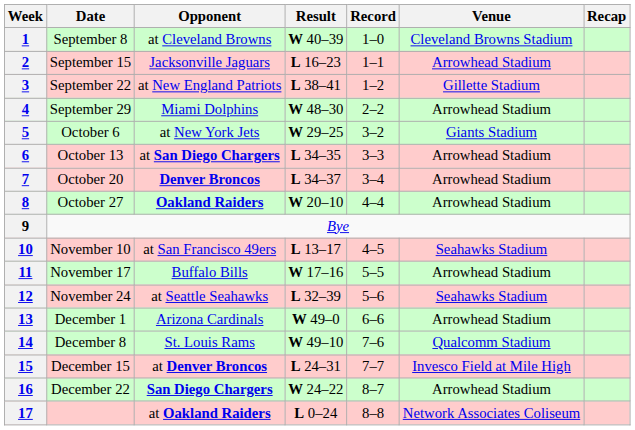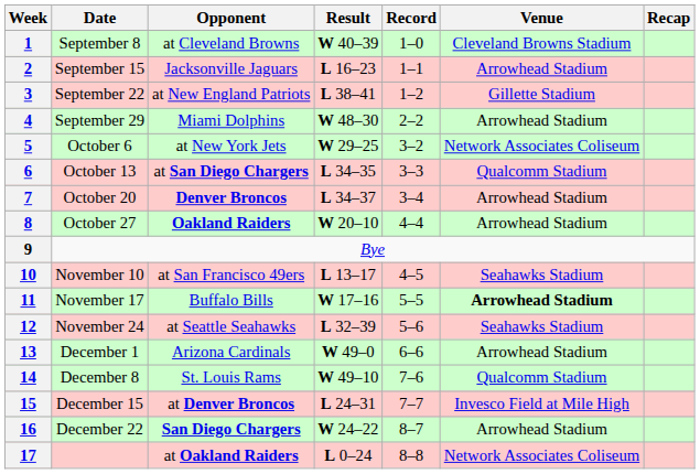 <table class="wikitable" style="text-align:center">
 <tr>
 <th>Week</th>
 <th>Date</th>
 <th>Opponent</th>
 <th>Result</th>
 <th>Record</th>
 <th>Venue</th>
 <th>Recap</th>
 </tr>
 <tr style="background:#cfc">
 <th><a href='#'>1</a></th>
 <td>September 8</td>
 <td>at <a href='#'>Cleveland Browns</a></td>
 <td><strong>W</strong> 40–39</td>
 <td>1–0</td>
 <td><a href='#'>Cleveland Browns Stadium</a></td>
 <td></td>
 </tr>
 <tr style="background:#fcc">
 <th><a href='#'>2</a></th>
 <td>September 15</td>
 <td><a href='#'>Jacksonville Jaguars</a></td>
 <td><strong>L</strong> 16–23</td>
 <td>1–1</td>
 <td><a href='#'>Arrowhead Stadium</a></td>
 <td></td>
 </tr>
 <tr style="background:#fcc">
 <th><a href='#'>3</a></th>
 <td>September 22</td>
 <td>at <a href='#'>New England Patriots</a></td>
 <td><strong>L</strong> 38–41 </td>
 <td>1–2</td>
 <td><a href='#'>Gillette Stadium</a></td>
 <td></td>
 </tr>
 <tr style="background:#cfc">
 <th><a href='#'>4</a></th>
 <td>September 29</td>
 <td><a href='#'>Miami Dolphins</a></td>
 <td><strong>W</strong> 48–30</td>
 <td>2–2</td>
 <td>Arrowhead Stadium</td>
 <td></td>
 </tr>
 <tr style="background:#cfc">
 <th><a href='#'>5</a></th>
 <td>October 6</td>
 <td>at <a href='#'>New York Jets</a></td>
 <td><strong>W</strong> 29–25</td>
 <td>3–2</td>
-<td><a href='#'>Giants Stadium</a></td>
+<td><a href='#'>Network Associates Coliseum</a></td>
 <td></td>
 </tr>
 <tr style="background:#fcc">
 <th><a href='#'>6</a></th>
 <td>October 13</td>
 <td>at <strong><a href='#'>San Diego Chargers</a></strong></td>
 <td><strong>L</strong> 34–35</td>
 <td>3–3</td>
-<td>Arrowhead Stadium</td>
+<td><a href='#'>Qualcomm Stadium</a></td>
 <td></td>
 </tr>
 <tr style="background:#fcc">
 <th><a href='#'>7</a></th>
 <td>October 20</td>
 <td><strong><a href='#'>Denver Broncos</a></strong></td>
 <td><strong>L</strong> 34–37 </td>
 <td>3–4</td>
 <td>Arrowhead Stadium</td>
 <td></td>
 </tr>
 <tr style="background:#cfc">
 <th><a href='#'>8</a></th>
 <td>October 27</td>
 <td><strong><a href='#'>Oakland Raiders</a></strong></td>
 <td><strong>W</strong> 20–10</td>
 <td>4–4</td>
 <td>Arrowhead Stadium</td>
 <td></td>
 </tr>
 <tr>
 <th>9</th>
 <td colspan="6"><em><a href='#'>Bye</a></em></td>
 </tr>
 <tr style="background:#fcc">
 <th><a href='#'>10</a></th>
 <td>November 10</td>
 <td>at <a href='#'>San Francisco 49ers</a></td>
 <td><strong>L</strong> 13–17</td>
 <td>4–5</td>
 <td><a href='#'>Seahawks Stadium</a></td>
 <td></td>
 </tr>
 <tr style="background:#cfc">
 <th><a href='#'>11</a></th>
 <td>November 17</td>
 <td><a href='#'>Buffalo Bills</a></td>
 <td><strong>W</strong> 17–16</td>
 <td>5–5</td>
-<td>Arrowhead Stadium</td>
+<td><strong>Arrowhead Stadium</strong></td>
 <td></td>
 </tr>
 <tr style="background:#fcc">
 <th><a href='#'>12</a></th>
 <td>November 24</td>
 <td>at <a href='#'>Seattle Seahawks</a></td>
 <td><strong>L</strong> 32–39</td>
 <td>5–6</td>
 <td><a href='#'>Seahawks Stadium</a></td>
 <td></td>
 </tr>
 <tr style="background:#cfc">
 <th><a href='#'>13</a></th>
 <td>December 1</td>
 <td><a href='#'>Arizona Cardinals</a></td>
 <td><strong>W</strong> 49–0</td>
 <td>6–6</td>
 <td>Arrowhead Stadium</td>
 <td></td>
 </tr>
 <tr style="background:#cfc">
 <th><a href='#'>14</a></th>
 <td>December 8</td>
 <td><a href='#'>St. Louis Rams</a></td>
 <td><strong>W</strong> 49–10</td>
 <td>7–6</td>
 <td><a href='#'>Qualcomm Stadium</a></td>
 <td></td>
 </tr>
 <tr style="background:#fcc">
 <th><a href='#'>15</a></th>
 <td>December 15</td>
 <td>at <strong><a href='#'>Denver Broncos</a></strong></td>
 <td><strong>L</strong> 24–31</td>
 <td>7–7</td>
 <td><a href='#'>Invesco Field at Mile High</a></td>
 <td></td>
 </tr>
 <tr style="background:#cfc">
 <th><a href='#'>16</a></th>
 <td>December 22</td>
 <td><strong><a href='#'>San Diego Chargers</a></strong></td>
 <td><strong>W</strong> 24–22</td>
 <td>8–7</td>
 <td>Arrowhead Stadium</td>
 <td></td>
 </tr>
 <tr style="background:#fcc">
 <th><a href='#'>17</a></th>
 <td></td>
 <td>at <strong><a href='#'>Oakland Raiders</a></strong></td>
 <td><strong>L</strong> 0–24</td>
 <td>8–8</td>
 <td><a href='#'>Network Associates Coliseum</a></td>
 <td></td>
 </tr>
 </table>
